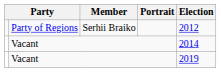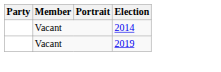 <table class="wikitable">
 <tr>
 <th colspan="2">Party</th>
 <th>Member</th>
 <th>Portrait</th>
 <th>Election</th>
-</tr>
-<tr>
-<td style="background-color: "></td>
-<td><a href='#'>Party of Regions</a></td>
-<td>Serhii Braiko</td>
-<td></td>
-<td><a href='#'>2012</a></td>
 </tr>
 <tr>
 <td style="background-color: white"></td>
 <td colspan=3>Vacant</td>
 <td><a href='#'>2014</a></td>
 </tr>
 <tr>
 <td style="background-color: white"></td>
 <td colspan=3>Vacant</td>
 <td><a href='#'>2019</a></td>
 </tr>
 </table>
